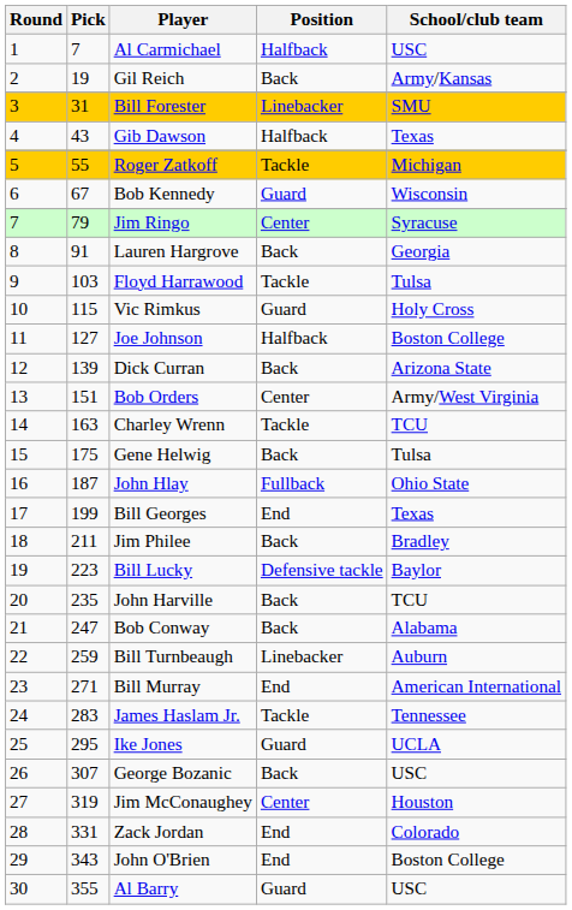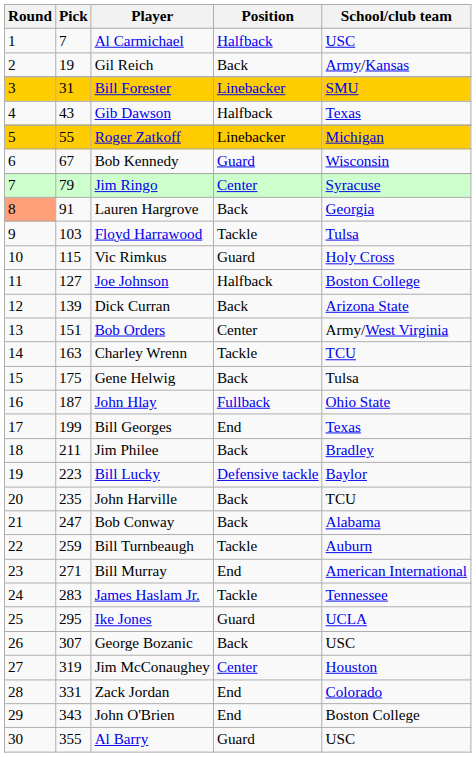 <table class="wikitable sortable sortable">
 <tr>
 <th>Round</th>
 <th>Pick</th>
 <th>Player</th>
 <th>Position</th>
 <th>School/club team</th>
 </tr>
 <tr>
 <td>1</td>
 <td>7</td>
 <td><a href='#'>Al Carmichael</a></td>
 <td><a href='#'>Halfback</a></td>
 <td><a href='#'>USC</a></td>
 </tr>
 <tr>
 <td>2</td>
 <td>19</td>
 <td>Gil Reich</td>
 <td>Back</td>
 <td><a href='#'>Army</a>/<a href='#'>Kansas</a></td>
 </tr>
 <tr>
 </tr>
 <tr bgcolor="#FFCC00">
 <td>3</td>
 <td>31</td>
 <td><a href='#'>Bill Forester</a></td>
 <td><a href='#'>Linebacker</a></td>
 <td><a href='#'>SMU</a></td>
 </tr>
 <tr>
 <td>4</td>
 <td>43</td>
 <td><a href='#'>Gib Dawson</a></td>
 <td>Halfback</td>
 <td><a href='#'>Texas</a></td>
 </tr>
 <tr>
 </tr>
 <tr bgcolor="#FFCC00">
 <td>5</td>
 <td>55</td>
 <td><a href='#'>Roger Zatkoff</a></td>
-<td>Tackle</td>
+<td>Linebacker</td>
 <td><a href='#'>Michigan</a></td>
 </tr>
 <tr>
 <td>6</td>
 <td>67</td>
 <td>Bob Kennedy</td>
 <td><a href='#'>Guard</a></td>
 <td><a href='#'>Wisconsin</a></td>
 </tr>
 <tr>
 </tr>
 <tr bgcolor="#CCFFCC">
 <td>7</td>
 <td>79</td>
 <td><a href='#'>Jim Ringo</a></td>
 <td><a href='#'>Center</a></td>
 <td><a href='#'>Syracuse</a></td>
 </tr>
 <tr>
-<td>8</td>
+<td style="background: lightsalmon;">8</td>
 <td>91</td>
 <td>Lauren Hargrove</td>
 <td>Back</td>
 <td><a href='#'>Georgia</a></td>
 </tr>
 <tr>
 <td>9</td>
 <td>103</td>
 <td><a href='#'>Floyd Harrawood</a></td>
 <td>Tackle</td>
 <td><a href='#'>Tulsa</a></td>
 </tr>
 <tr>
 <td>10</td>
 <td>115</td>
 <td>Vic Rimkus</td>
 <td>Guard</td>
 <td><a href='#'>Holy Cross</a></td>
 </tr>
 <tr>
 <td>11</td>
 <td>127</td>
 <td><a href='#'>Joe Johnson</a></td>
 <td>Halfback</td>
 <td><a href='#'>Boston College</a></td>
 </tr>
 <tr>
 <td>12</td>
 <td>139</td>
 <td>Dick Curran</td>
 <td>Back</td>
 <td><a href='#'>Arizona State</a></td>
 </tr>
 <tr>
 <td>13</td>
 <td>151</td>
 <td><a href='#'>Bob Orders</a></td>
 <td>Center</td>
 <td>Army/<a href='#'>West Virginia</a></td>
 </tr>
 <tr>
 <td>14</td>
 <td>163</td>
 <td>Charley Wrenn</td>
 <td>Tackle</td>
 <td><a href='#'>TCU</a></td>
 </tr>
 <tr>
 <td>15</td>
 <td>175</td>
 <td>Gene Helwig</td>
 <td>Back</td>
 <td>Tulsa</td>
 </tr>
 <tr>
 <td>16</td>
 <td>187</td>
 <td><a href='#'>John Hlay</a></td>
 <td><a href='#'>Fullback</a></td>
 <td><a href='#'>Ohio State</a></td>
 </tr>
 <tr>
 <td>17</td>
 <td>199</td>
 <td>Bill Georges</td>
 <td>End</td>
 <td><a href='#'>Texas</a></td>
 </tr>
 <tr>
 <td>18</td>
 <td>211</td>
 <td>Jim Philee</td>
 <td>Back</td>
 <td><a href='#'>Bradley</a></td>
 </tr>
 <tr>
 <td>19</td>
 <td>223</td>
 <td><a href='#'>Bill Lucky</a></td>
 <td><a href='#'>Defensive tackle</a></td>
 <td><a href='#'>Baylor</a></td>
 </tr>
 <tr>
 <td>20</td>
 <td>235</td>
 <td>John Harville</td>
 <td>Back</td>
 <td>TCU</td>
 </tr>
 <tr>
 <td>21</td>
 <td>247</td>
 <td>Bob Conway</td>
 <td>Back</td>
 <td><a href='#'>Alabama</a></td>
 </tr>
 <tr>
 <td>22</td>
 <td>259</td>
 <td>Bill Turnbeaugh</td>
-<td>Linebacker</td>
+<td>Tackle</td>
 <td><a href='#'>Auburn</a></td>
 </tr>
 <tr>
 <td>23</td>
 <td>271</td>
 <td>Bill Murray</td>
 <td>End</td>
 <td><a href='#'>American International</a></td>
 </tr>
 <tr>
 <td>24</td>
 <td>283</td>
 <td><a href='#'>James Haslam Jr.</a></td>
 <td>Tackle</td>
 <td><a href='#'>Tennessee</a></td>
 </tr>
 <tr>
 <td>25</td>
 <td>295</td>
 <td><a href='#'>Ike Jones</a></td>
 <td>Guard</td>
 <td><a href='#'>UCLA</a></td>
 </tr>
 <tr>
 <td>26</td>
 <td>307</td>
 <td>George Bozanic</td>
 <td>Back</td>
 <td>USC</td>
 </tr>
 <tr>
 <td>27</td>
 <td>319</td>
 <td>Jim McConaughey</td>
 <td><a href='#'>Center</a></td>
 <td><a href='#'>Houston</a></td>
 </tr>
 <tr>
 <td>28</td>
 <td>331</td>
 <td>Zack Jordan</td>
 <td>End</td>
 <td><a href='#'>Colorado</a></td>
 </tr>
 <tr>
 <td>29</td>
 <td>343</td>
 <td>John O'Brien</td>
 <td>End</td>
 <td>Boston College</td>
 </tr>
 <tr>
 <td>30</td>
 <td>355</td>
 <td><a href='#'>Al Barry</a></td>
 <td>Guard</td>
 <td>USC</td>
 </tr>
 </table>
